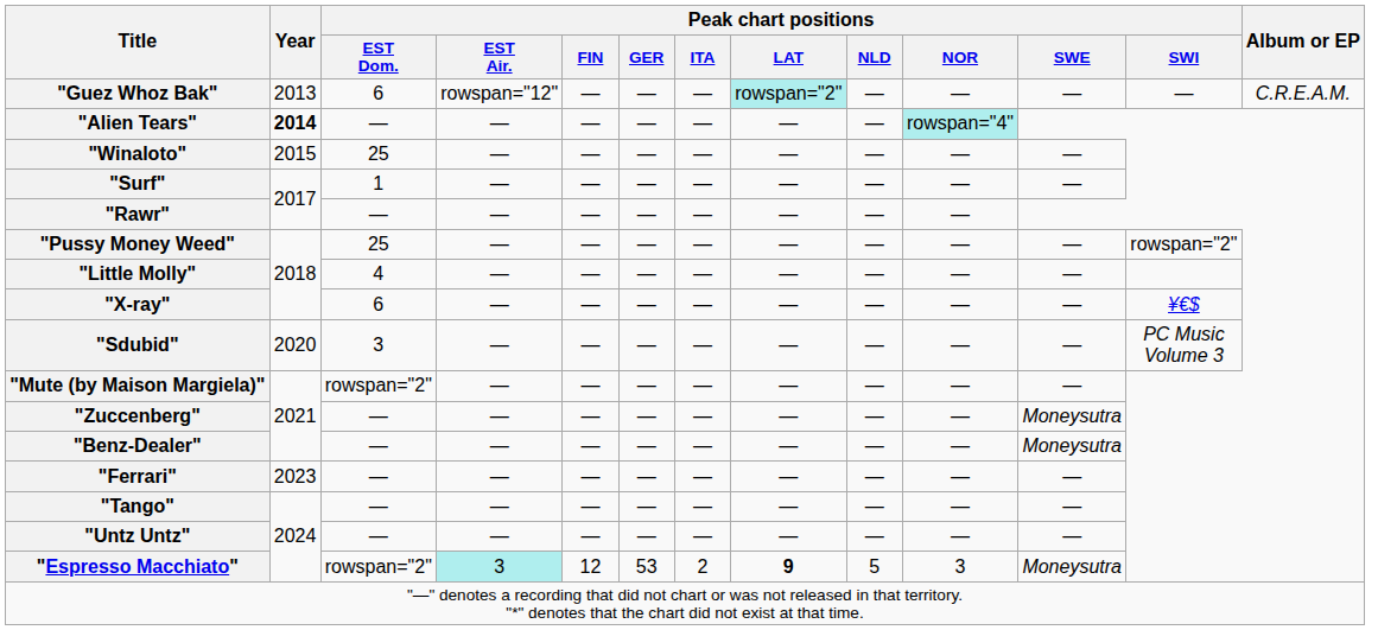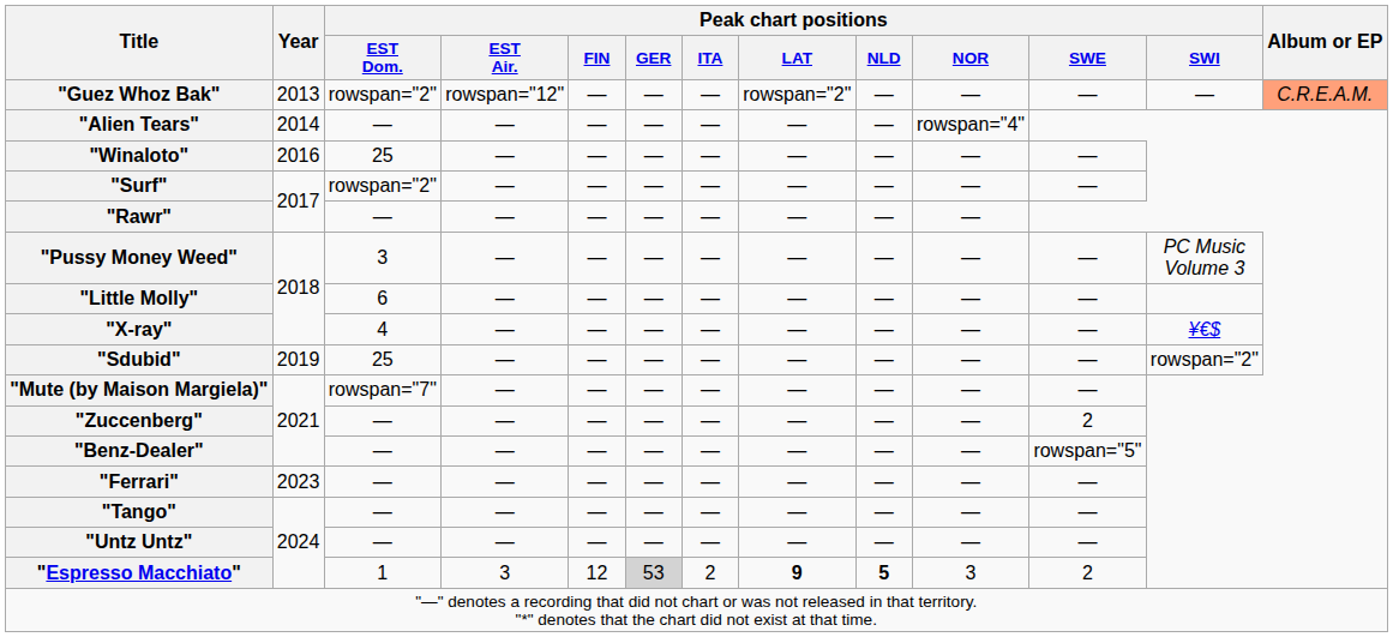 <table class="wikitable plainrowheaders" style="text-align:center">
 <tr>
 <th scope="col" rowspan="2">Title</th>
 <th scope="col" rowspan="2">Year</th>
 <th scope="col" colspan="10">Peak chart positions</th>
 <th scope="col" rowspan="2">Album or EP</th>
 </tr>
 <tr>
 <th scope="col" style="width:3em;font-size:85%;"><a href='#'>EST<br>Dom.</a><br></th>
 <th scope="col" style="width:3em;font-size:85%;"><a href='#'>EST<br>Air.</a><br></th>
 <th scope="col" style="width:3em;font-size:85%;"><a href='#'>FIN</a><br></th>
 <th scope="col" style="width:3em;font-size:85%;"><a href='#'>GER</a><br></th>
 <th scope="col" style="width:3em;font-size:85%;"><a href='#'>ITA</a><br></th>
 <th scope="col" style="width:3em;font-size:85%;"><a href='#'>LAT</a><br></th>
 <th scope="col" style="width:3em;font-size:85%;"><a href='#'>NLD</a><br></th>
 <th scope="col" style="width:3em;font-size:85%;"><a href='#'>NOR</a><br></th>
 <th scope="col" style="width:3em;font-size:85%;"><a href='#'>SWE</a><br></th>
 <th scope="col" style="width:3em;font-size:85%;"><a href='#'>SWI</a><br></th>
 </tr>
 <tr>
 <th scope="row">"Guez Whoz Bak"</th>
 <td>2013</td>
-<td>6</td>
+<td>rowspan="2" </td>
 <td>rowspan="12" </td>
 <td>—</td>
 <td>—</td>
 <td>—</td>
-<td style="background: paleturquoise;">rowspan="2" </td>
+<td>rowspan="2" </td>
 <td>—</td>
 <td>—</td>
 <td>—</td>
 <td>—</td>
-<td><em>C.R.E.A.M.</em></td>
+<td style="background: lightsalmon;"><em>C.R.E.A.M.</em></td>
 </tr>
 <tr>
 <th scope="row">"Alien Tears"</th>
-<td><strong>2014</strong></td>
+<td>2014</td>
 <td>—</td>
 <td>—</td>
 <td>—</td>
 <td>—</td>
 <td>—</td>
 <td>—</td>
 <td>—</td>
-<td style="background: paleturquoise;">rowspan="4" </td>
+<td>rowspan="4" </td>
 </tr>
 <tr>
 <th scope="row">"Winaloto"</th>
-<td>2015</td>
+<td>2016</td>
 <td>25</td>
 <td>—</td>
 <td>—</td>
 <td>—</td>
 <td>—</td>
 <td>—</td>
 <td>—</td>
 <td>—</td>
 <td>—</td>
 </tr>
 <tr>
 <th scope="row">"Surf"</th>
 <td rowspan="2">2017</td>
-<td>1</td>
+<td>rowspan="2" </td>
 <td>—</td>
 <td>—</td>
 <td>—</td>
 <td>—</td>
 <td>—</td>
 <td>—</td>
 <td>—</td>
 <td>—</td>
 </tr>
 <tr>
 <th scope="row">"Rawr"</th>
 <td>—</td>
 <td>—</td>
 <td>—</td>
 <td>—</td>
 <td>—</td>
 <td>—</td>
 <td>—</td>
 <td>—</td>
 </tr>
 <tr>
 <th scope="row">"Pussy Money Weed"</th>
 <td rowspan="3">2018</td>
+<td>3</td>
+<td>—</td>
+<td>—</td>
+<td>—</td>
+<td>—</td>
+<td>—</td>
+<td>—</td>
+<td>—</td>
+<td>—</td>
+<td><em>PC Music Volume 3</em></td>
+</tr>
+<tr>
+<th scope="row">"Little Molly"</th>
+<td>6</td>
+<td>—</td>
+<td>—</td>
+<td>—</td>
+<td>—</td>
+<td>—</td>
+<td>—</td>
+<td>—</td>
+<td>—</td>
+<td></td>
+</tr>
+<tr>
+<th scope="row">"X-ray"</th>
+<td>4</td>
+<td>—</td>
+<td>—</td>
+<td>—</td>
+<td>—</td>
+<td>—</td>
+<td>—</td>
+<td>—</td>
+<td>—</td>
+<td><em><a href='#'>¥€$</a></em></td>
+</tr>
+<tr>
+<th scope="row">"Sdubid"</th>
+<td>2019</td>
 <td>25</td>
 <td>—</td>
 <td>—</td>
 <td>—</td>
 <td>—</td>
 <td>—</td>
 <td>—</td>
 <td>—</td>
 <td>—</td>
 <td>rowspan="2" </td>
 </tr>
 <tr>
-<th scope="row">"Little Molly"</th>
-<td>4</td>
-<td>—</td>
-<td>—</td>
-<td>—</td>
-<td>—</td>
-<td>—</td>
-<td>—</td>
-<td>—</td>
-<td>—</td>
-<td></td>
-</tr>
-<tr>
-<th scope="row">"X-ray"</th>
-<td>6</td>
-<td>—</td>
-<td>—</td>
-<td>—</td>
-<td>—</td>
-<td>—</td>
-<td>—</td>
-<td>—</td>
-<td>—</td>
-<td><em><a href='#'>¥€$</a></em></td>
-</tr>
-<tr>
-<th scope="row">"Sdubid"</th>
-<td>2020</td>
-<td>3</td>
-<td>—</td>
-<td>—</td>
-<td>—</td>
-<td>—</td>
-<td>—</td>
-<td>—</td>
-<td>—</td>
-<td>—</td>
-<td><em>PC Music Volume 3</em></td>
-</tr>
-<tr>
 <th scope="row">"Mute (by Maison Margiela)"</th>
 <td rowspan="3">2021</td>
-<td>rowspan="2" </td>
+<td>rowspan="7" </td>
 <td>—</td>
 <td>—</td>
 <td>—</td>
 <td>—</td>
 <td>—</td>
 <td>—</td>
 <td>—</td>
 <td>—</td>
 </tr>
 <tr>
 <th scope="row">"Zuccenberg"<br></th>
 <td>—</td>
 <td>—</td>
 <td>—</td>
 <td>—</td>
 <td>—</td>
 <td>—</td>
 <td>—</td>
 <td>—</td>
-<td><em>Moneysutra</em></td>
+<td>2</td>
 </tr>
 <tr>
 <th scope="row">"Benz-Dealer"<br></th>
 <td>—</td>
 <td>—</td>
 <td>—</td>
 <td>—</td>
 <td>—</td>
 <td>—</td>
 <td>—</td>
 <td>—</td>
-<td><em>Moneysutra</em></td>
+<td>rowspan="5" </td>
 </tr>
 <tr>
 <th scope="row">"Ferrari"<br></th>
 <td>2023</td>
 <td>—</td>
 <td>—</td>
 <td>—</td>
 <td>—</td>
 <td>—</td>
 <td>—</td>
 <td>—</td>
 <td>—</td>
 <td>—</td>
 </tr>
 <tr>
 <th scope="row">"Tango"<br></th>
 <td rowspan="3">2024</td>
 <td>—</td>
 <td>—</td>
 <td>—</td>
 <td>—</td>
 <td>—</td>
 <td>—</td>
 <td>—</td>
 <td>—</td>
 <td>—</td>
 </tr>
 <tr>
 <th scope="row">"Untz Untz"</th>
 <td>—</td>
 <td>—</td>
 <td>—</td>
 <td>—</td>
 <td>—</td>
 <td>—</td>
 <td>—</td>
 <td>—</td>
 <td>—</td>
 </tr>
 <tr>
 <th scope="row">"<a href='#'>Espresso Macchiato</a>"<br></th>
-<td>rowspan="2" </td>
-<td style="background: paleturquoise;">3</td>
+<td>1</td>
+<td>3</td>
 <td>12</td>
-<td>53</td>
+<td style="background: lightgrey;">53</td>
 <td>2</td>
 <td><strong>9</strong></td>
-<td>5</td>
+<td><strong>5</strong></td>
 <td>3</td>
-<td><em>Moneysutra</em></td>
+<td>2</td>
 </tr>
 <tr>
 <td colspan="14" style="font-size:85%">"—" denotes a recording that did not chart or was not released in that territory.<br> "*" denotes that the chart did not exist at that time.</td>
 </tr>
 </table>
